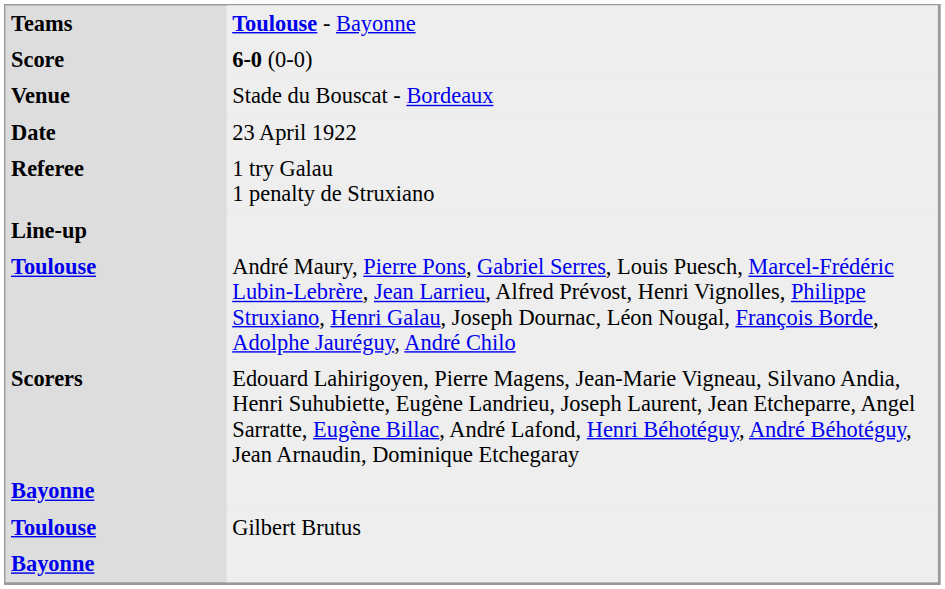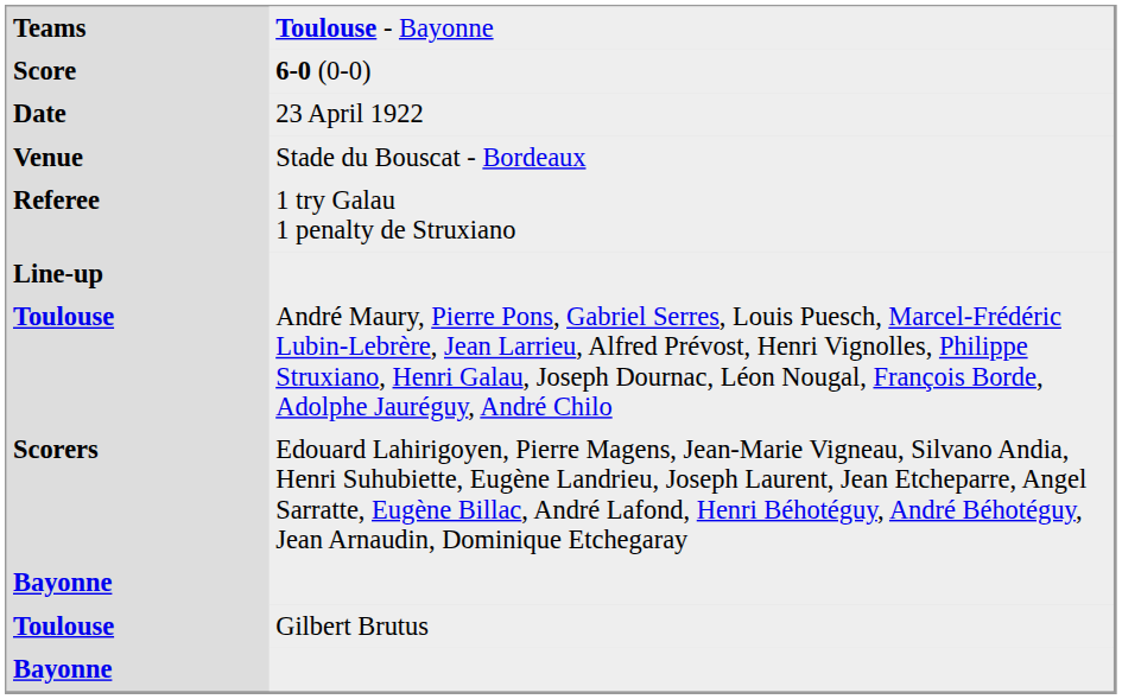 <table align="left" cellpadding="4" cellspacing="0"  style="margin: 0 0 0 0; border: 1px solid #999; border-right-width: 2px; border-bottom-width: 2px; background-color: #DDDDDD">
 <tr>
 <td width="150" valign="top"><strong>Teams</strong></td>
 <td width="500" bgcolor=#EEEEEE><strong><a href='#'>Toulouse</a></strong> - <a href='#'>Bayonne</a></td>
 </tr>
 <tr>
 <td valign="top"><strong>Score</strong></td>
 <td bgcolor=#EEEEEE><strong>6-0</strong> (0-0)</td>
 </tr>
 <tr>
+<td valign="top"><strong>Date</strong></td>
+<td bgcolor=#EEEEEE>23 April 1922</td>
+</tr>
+<tr>
 <td valign="top"><strong>Venue</strong></td>
 <td bgcolor=#EEEEEE>Stade du Bouscat - <a href='#'>Bordeaux</a></td>
-</tr>
-<tr>
-<td valign="top"><strong>Date</strong></td>
-<td bgcolor=#EEEEEE>23 April 1922</td>
 </tr>
 <tr>
 <td valign="top"><strong>Referee</strong></td>
 <td bgcolor=#EEEEEE>1 try Galau<br>1 penalty de Struxiano</td>
 </tr>
 <tr>
 <td valign="top"><strong>Line-up</strong></td>
 <td bgcolor=#EEEEEE></td>
 </tr>
 <tr>
 <td valign="top"><strong><a href='#'>Toulouse</a> </strong></td>
 <td bgcolor=#EEEEEE>André Maury, <a href='#'>Pierre Pons</a>, <a href='#'>Gabriel Serres</a>, Louis Puesch, <a href='#'>Marcel-Frédéric Lubin-Lebrère</a>, <a href='#'>Jean Larrieu</a>, Alfred Prévost, Henri Vignolles, <a href='#'>Philippe Struxiano</a>, <a href='#'>Henri Galau</a>, Joseph Dournac, Léon Nougal, <a href='#'>François Borde</a>, <a href='#'>Adolphe Jauréguy</a>, <a href='#'>André Chilo</a></td>
 </tr>
 <tr>
 <td valign="top"><strong>Scorers</strong></td>
 <td bgcolor=#EEEEEE>Edouard Lahirigoyen, Pierre Magens, Jean-Marie Vigneau, Silvano Andia, Henri Suhubiette, Eugène Landrieu, Joseph Laurent, Jean Etcheparre, Angel Sarratte, <a href='#'>Eugène Billac</a>, André Lafond, <a href='#'>Henri Béhotéguy</a>, <a href='#'>André Béhotéguy</a>, Jean Arnaudin, Dominique Etchegaray</td>
 </tr>
 <tr>
 <td valign="top"><strong><a href='#'>Bayonne</a></strong></td>
 <td bgcolor=#EEEEEE></td>
 </tr>
 <tr>
 <td valign="top"><strong><a href='#'>Toulouse</a>  </strong></td>
 <td bgcolor=#EEEEEE>Gilbert Brutus</td>
 </tr>
 <tr>
 <td valign="top"><strong><a href='#'>Bayonne</a> </strong></td>
 <td bgcolor=#EEEEEE></td>
 </tr>
 </table>
